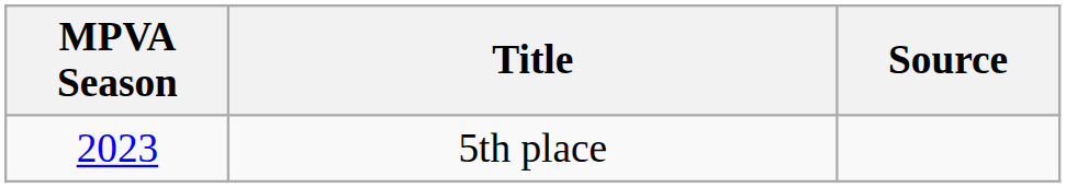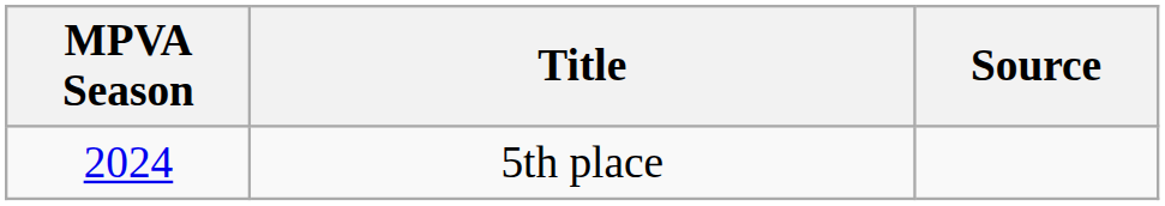 <table class="wikitable">
 <tr>
 <th width=80px>MPVA Season</th>
 <th width=230px>Title</th>
 <th width=80px>Source</th>
 </tr>
 <tr align=center>
-<td><a href='#'>2023</a></td>
+<td><a href='#'>2024</a></td>
 <td>5th place</td>
 <td></td>
 </tr>
 </table>
